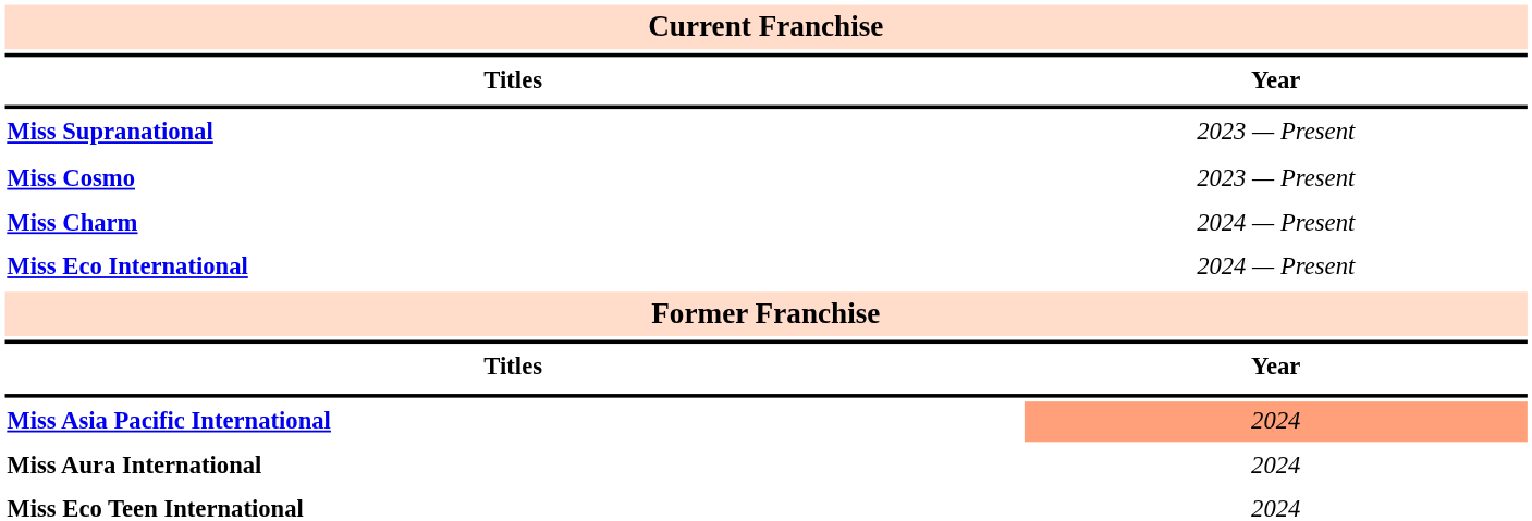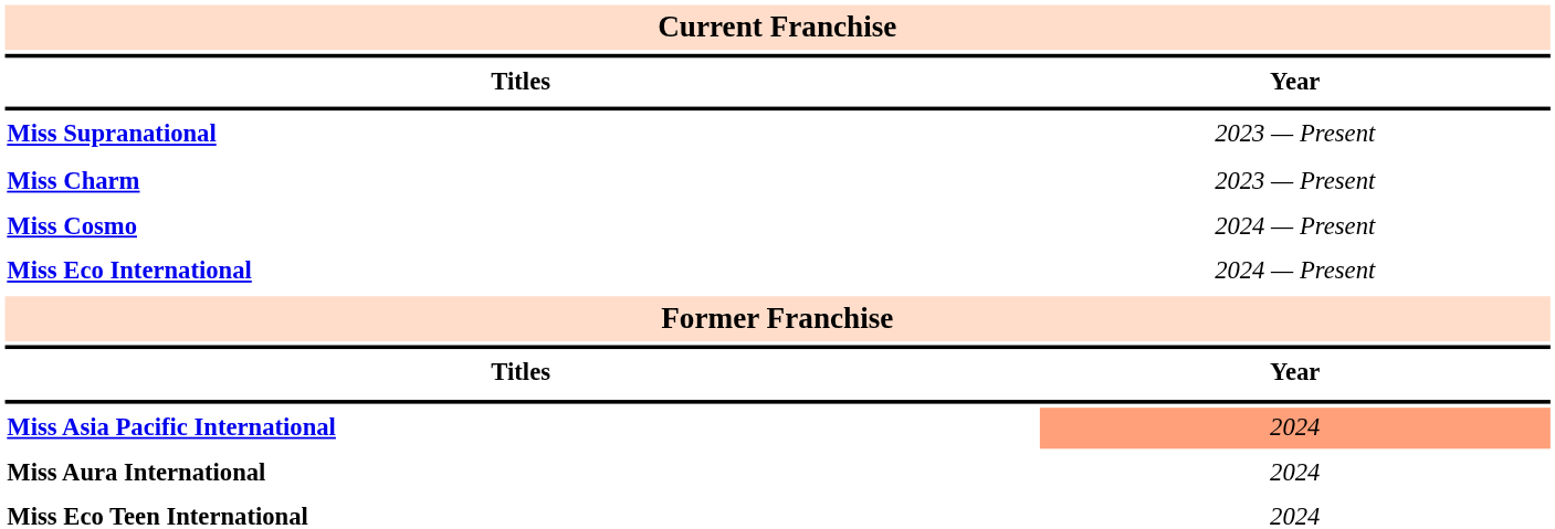 <table class="toccolours" style="width: 20em; font-size:80%; line-height:1.5em; width:40%;">
 <tr>
 <th colspan="2" align="center" style="background:#FFDDCA;"><big>Current Franchise</big></th>
 </tr>
 <tr>
 <td colspan="2" style="background:black"></td>
 </tr>
 <tr>
 <th scope="col">Titles</th>
 <th scope="col">Year</th>
 </tr>
 <tr>
 <td colspan="2" style="background:black"></td>
 </tr>
 <tr>
 <td align="left"><strong><a href='#'>Miss Supranational</a></strong></td>
 <td align="center"><em>2023 — Present</em></td>
 </tr>
 <tr>
-<td align="left"><strong><a href='#'>Miss Cosmo</a></strong></td>
+<td align="left"><strong><a href='#'>Miss Charm</a></strong></td>
 <td align="center"><em>2023 — Present</em></td>
 </tr>
 <tr>
-<td align="left"><strong><a href='#'>Miss Charm</a></strong></td>
+<td align="left"><strong><a href='#'>Miss Cosmo</a></strong></td>
 <td align="center"><em>2024 — Present</em></td>
 </tr>
 <tr>
 <td align="left"><strong><a href='#'>Miss Eco International</a></strong></td>
 <td align="center"><em>2024 — Present</em></td>
 </tr>
 <tr>
 <th colspan="2" align="center" style="background:#FFDDCA;"><big>Former Franchise</big></th>
 </tr>
 <tr>
 <td colspan="2" style="background:black"></td>
 </tr>
 <tr>
 <th scope="col">Titles</th>
 <th scope="col">Year</th>
 </tr>
 <tr>
 <td colspan="2" style="background:black"></td>
 </tr>
 <tr>
 <td align="left"><strong><a href='#'>Miss Asia Pacific International</a></strong></td>
 <td align="center" style="background: lightsalmon;"><em>2024</em></td>
 </tr>
 <tr>
 <td align="left"><strong>Miss Aura International</strong></td>
 <td align="center"><em>2024</em></td>
 </tr>
 <tr>
 <td align="left"><strong>Miss Eco Teen International</strong></td>
 <td align="center"><em>2024</em></td>
 </tr>
 <tr>
 </tr>
 </table>
